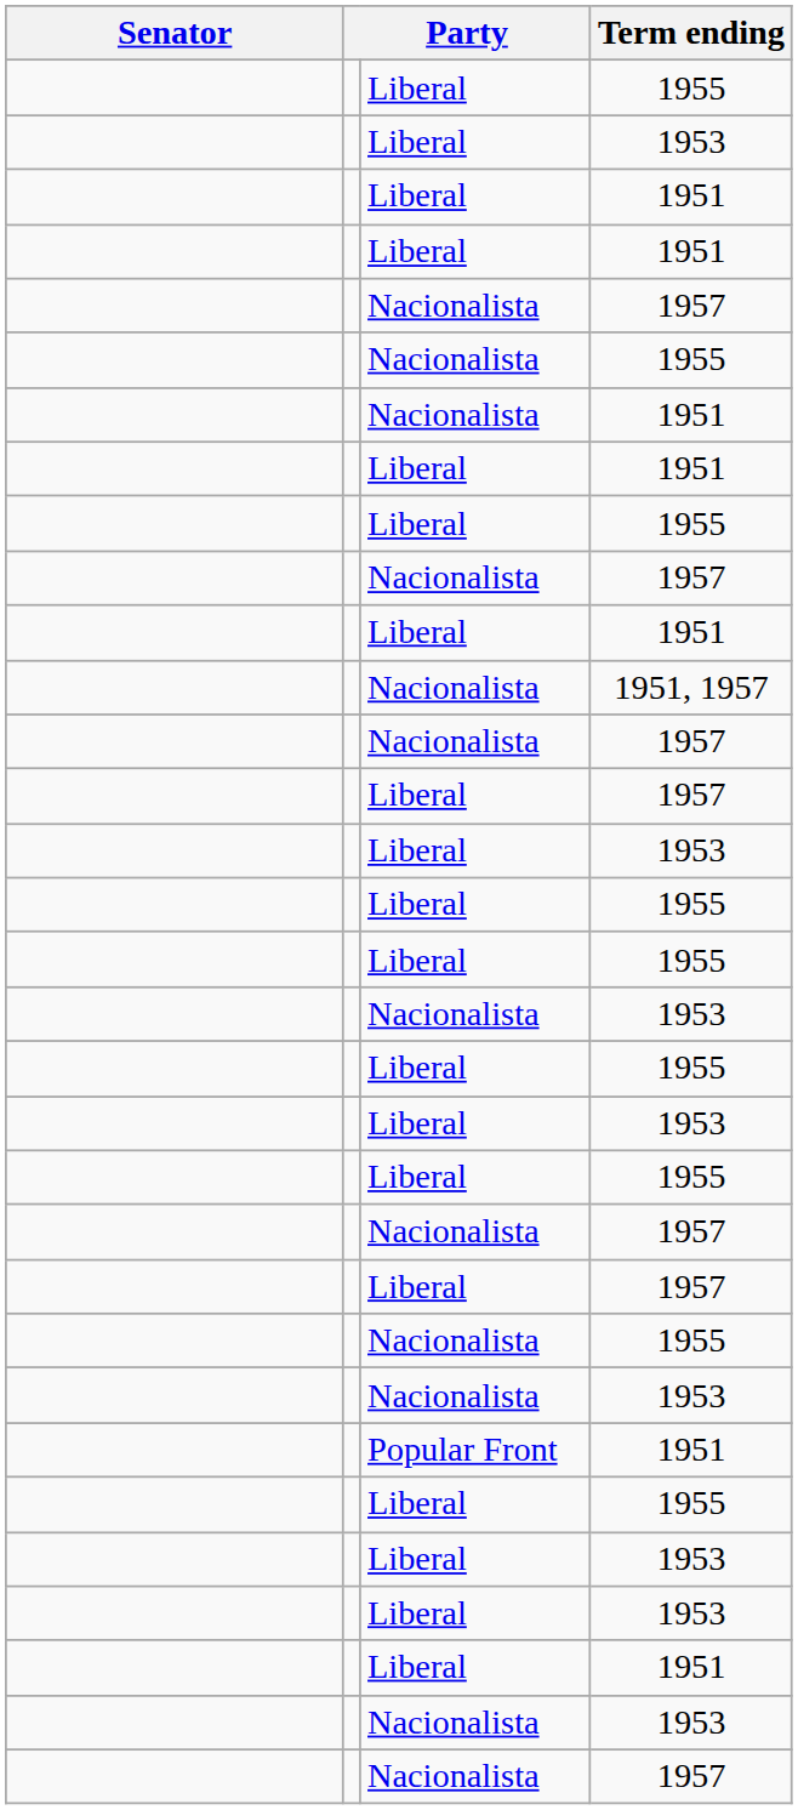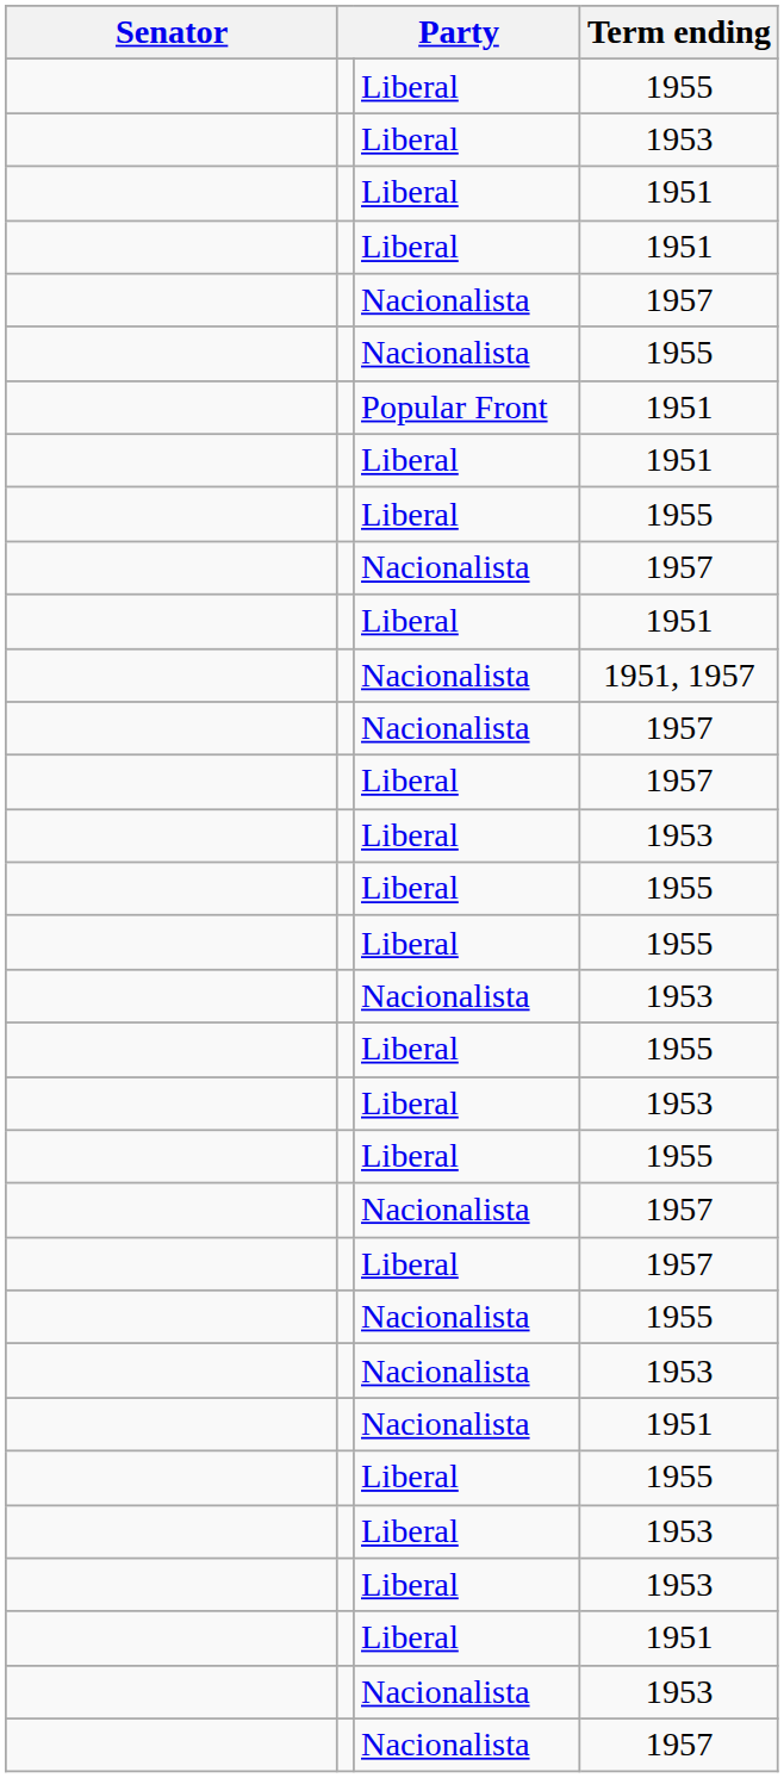 <table class="wikitable sortable">
 <tr>
 <th width="150px"><a href='#'>Senator</a></th>
 <th colspan="2"><a href='#'>Party</a></th>
 <th>Term ending</th>
 </tr>
 <tr>
 <td></td>
 <td></td>
 <td width="100px"><a href='#'>Liberal</a></td>
 <td align="center">1955</td>
 </tr>
 <tr>
 <td></td>
 <td></td>
 <td><a href='#'>Liberal</a></td>
 <td align="center">1953</td>
 </tr>
 <tr>
 <td></td>
 <td></td>
 <td><a href='#'>Liberal</a></td>
 <td align="center">1951</td>
 </tr>
 <tr>
 <td></td>
 <td></td>
 <td><a href='#'>Liberal</a></td>
 <td align="center">1951</td>
 </tr>
 <tr>
 <td></td>
 <td></td>
 <td><a href='#'>Nacionalista</a></td>
 <td align="center">1957</td>
 </tr>
 <tr>
 <td></td>
 <td></td>
 <td><a href='#'>Nacionalista</a></td>
 <td align="center">1955</td>
 </tr>
 <tr>
 <td></td>
 <td></td>
-<td><a href='#'>Nacionalista</a></td>
+<td><a href='#'>Popular Front</a></td>
 <td align="center">1951</td>
 </tr>
 <tr>
 <td></td>
 <td></td>
 <td><a href='#'>Liberal</a></td>
 <td align="center">1951</td>
 </tr>
 <tr>
 <td></td>
 <td></td>
 <td><a href='#'>Liberal</a></td>
 <td align="center">1955</td>
 </tr>
 <tr>
 <td></td>
 <td></td>
 <td><a href='#'>Nacionalista</a></td>
 <td align="center">1957</td>
 </tr>
 <tr>
 <td></td>
 <td></td>
 <td><a href='#'>Liberal</a></td>
 <td align="center">1951</td>
 </tr>
 <tr>
 <td></td>
 <td></td>
 <td><a href='#'>Nacionalista</a></td>
 <td align="center">1951, 1957</td>
 </tr>
 <tr>
 <td></td>
 <td></td>
 <td><a href='#'>Nacionalista</a></td>
 <td align="center">1957</td>
 </tr>
 <tr>
 <td></td>
 <td></td>
 <td><a href='#'>Liberal</a></td>
 <td align="center">1957</td>
 </tr>
 <tr>
 <td></td>
 <td></td>
 <td><a href='#'>Liberal</a></td>
 <td align="center">1953</td>
 </tr>
 <tr>
 <td></td>
 <td></td>
 <td><a href='#'>Liberal</a></td>
 <td align="center">1955</td>
 </tr>
 <tr>
 <td></td>
 <td></td>
 <td><a href='#'>Liberal</a></td>
 <td align="center">1955</td>
 </tr>
 <tr>
 <td></td>
 <td></td>
 <td><a href='#'>Nacionalista</a></td>
 <td align="center">1953</td>
 </tr>
 <tr>
 <td></td>
 <td></td>
 <td><a href='#'>Liberal</a></td>
 <td align="center">1955</td>
 </tr>
 <tr>
 <td></td>
 <td></td>
 <td><a href='#'>Liberal</a></td>
 <td align="center">1953</td>
 </tr>
 <tr>
 <td></td>
 <td></td>
 <td><a href='#'>Liberal</a></td>
 <td align="center">1955</td>
 </tr>
 <tr>
 <td></td>
 <td></td>
 <td><a href='#'>Nacionalista</a></td>
 <td align="center">1957</td>
 </tr>
 <tr>
 <td></td>
 <td></td>
 <td><a href='#'>Liberal</a></td>
 <td align="center">1957</td>
 </tr>
 <tr>
 <td></td>
 <td></td>
 <td><a href='#'>Nacionalista</a></td>
 <td align="center">1955</td>
 </tr>
 <tr>
 <td></td>
 <td></td>
 <td><a href='#'>Nacionalista</a></td>
 <td align="center">1953</td>
 </tr>
 <tr>
 <td></td>
 <td></td>
-<td><a href='#'>Popular Front</a></td>
+<td><a href='#'>Nacionalista</a></td>
 <td align="center">1951</td>
 </tr>
 <tr>
 <td></td>
 <td></td>
 <td><a href='#'>Liberal</a></td>
 <td align="center">1955</td>
 </tr>
 <tr>
 <td></td>
 <td></td>
 <td><a href='#'>Liberal</a></td>
 <td align="center">1953</td>
 </tr>
 <tr>
 <td></td>
 <td></td>
 <td><a href='#'>Liberal</a></td>
 <td align="center">1953</td>
 </tr>
 <tr>
 <td></td>
 <td></td>
 <td><a href='#'>Liberal</a></td>
 <td align="center">1951</td>
 </tr>
 <tr>
 <td></td>
 <td></td>
 <td><a href='#'>Nacionalista</a></td>
 <td align="center">1953</td>
 </tr>
 <tr>
 <td></td>
 <td></td>
 <td><a href='#'>Nacionalista</a></td>
 <td align="center">1957</td>
 </tr>
 </table>
